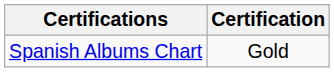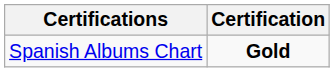 <table class="wikitable">
 <tr>
 <th style="text-align:center;">Certifications</th>
 <th style="text-align:center;">Certification</th>
 </tr>
 <tr>
 <td align="left"><a href='#'>Spanish Albums Chart</a></td>
-<td style="text-align:center;">Gold</td>
+<td style="text-align:center;"><strong>Gold</strong></td>
 </tr>
 </table>
